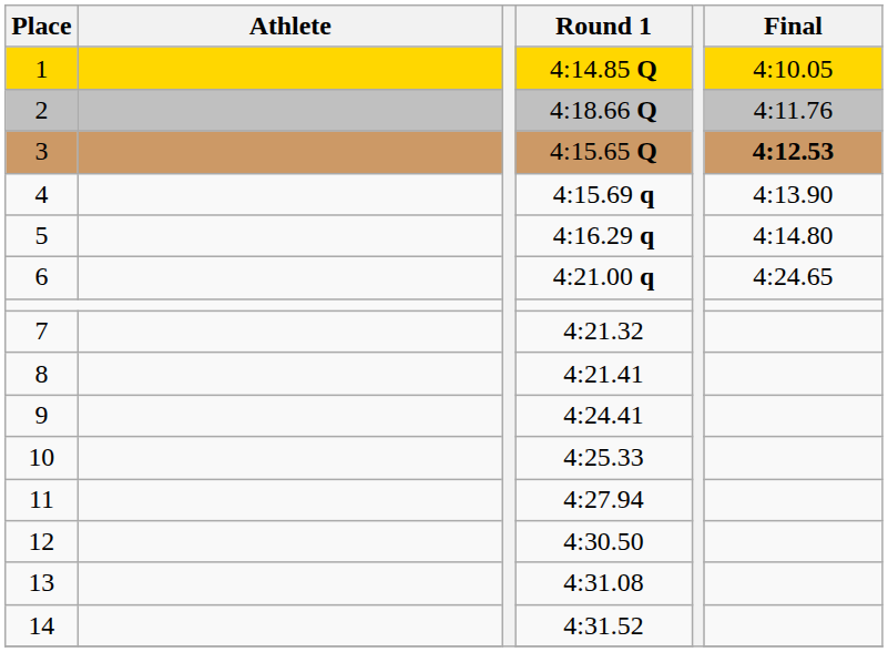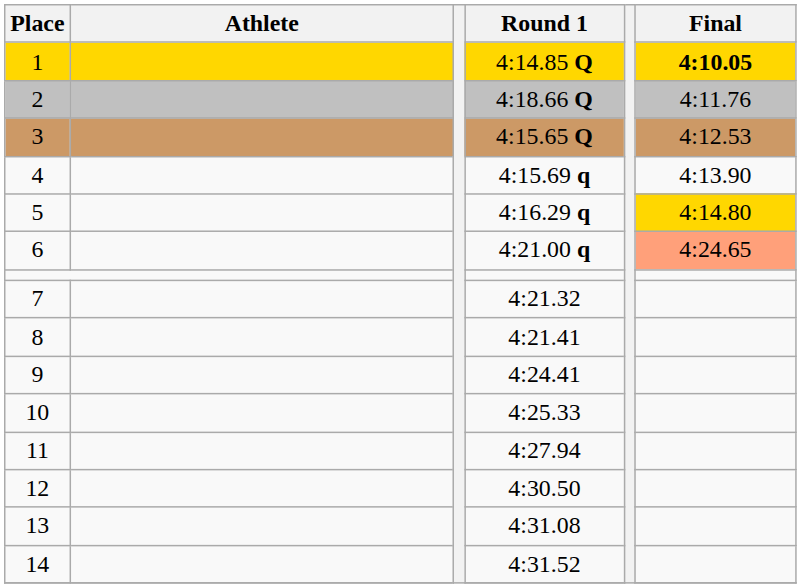 <table class="wikitable" style="text-align:center">
 <tr>
 <th>Place</th>
 <th width=250>Athlete</th>
 <th rowspan=31></th>
 <th width=100>Round 1</th>
 <th rowspan=31></th>
 <th width=100>Final</th>
 </tr>
 <tr bgcolor=gold>
 <td>1</td>
 <td align=left></td>
 <td>4:14.85 <strong>Q</strong></td>
-<td>4:10.05</td>
+<td><strong>4:10.05</strong></td>
 </tr>
 <tr bgcolor=silver>
 <td>2</td>
 <td align=left></td>
 <td>4:18.66 <strong>Q</strong></td>
 <td>4:11.76</td>
 </tr>
 <tr bgcolor=cc9966>
 <td>3</td>
 <td align=left></td>
 <td>4:15.65 <strong>Q</strong></td>
-<td><strong>4:12.53</strong></td>
+<td>4:12.53</td>
 </tr>
 <tr>
 <td>4</td>
 <td align=left></td>
 <td>4:15.69 <strong>q</strong></td>
 <td>4:13.90</td>
 </tr>
 <tr>
 <td>5</td>
 <td align=left></td>
 <td>4:16.29 <strong>q</strong></td>
-<td>4:14.80</td>
+<td style="background: gold;">4:14.80</td>
 </tr>
 <tr>
 <td>6</td>
 <td align=left></td>
 <td>4:21.00 <strong>q</strong></td>
-<td>4:24.65</td>
+<td style="background: lightsalmon;">4:24.65</td>
 </tr>
 <tr>
 <td colspan=10></td>
 </tr>
 <tr>
 <td>7</td>
 <td align=left></td>
 <td>4:21.32</td>
 <td></td>
 </tr>
 <tr>
 <td>8</td>
 <td align=left></td>
 <td>4:21.41</td>
 <td></td>
 </tr>
 <tr>
 <td>9</td>
 <td align=left></td>
 <td>4:24.41</td>
 <td></td>
 </tr>
 <tr>
 <td>10</td>
 <td align=left></td>
 <td>4:25.33</td>
 <td></td>
 </tr>
 <tr>
 <td>11</td>
 <td align=left></td>
 <td>4:27.94</td>
 <td></td>
 </tr>
 <tr>
 <td>12</td>
 <td align=left></td>
 <td>4:30.50</td>
 <td></td>
 </tr>
 <tr>
 <td>13</td>
 <td align=left></td>
 <td>4:31.08</td>
 <td></td>
 </tr>
 <tr>
 <td>14</td>
 <td align=left></td>
 <td>4:31.52</td>
 <td></td>
 </tr>
 <tr>
 </tr>
 </table>
